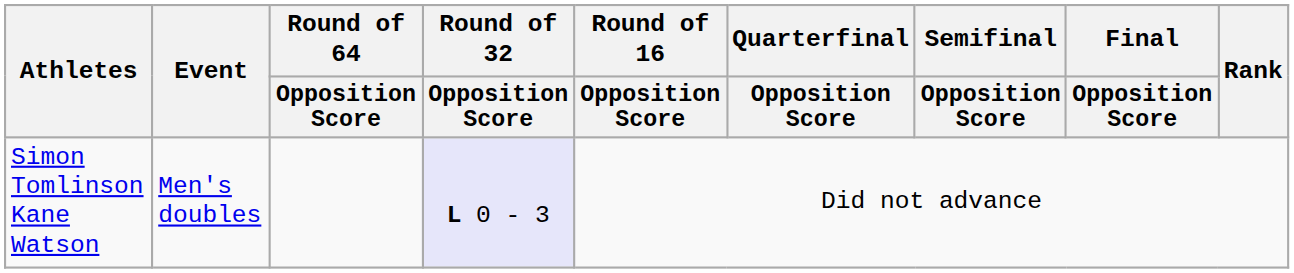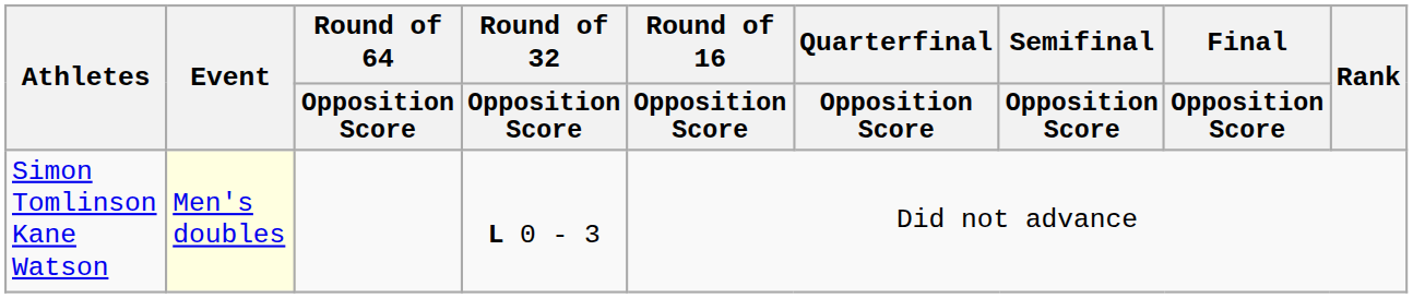 <table class="wikitable" style="font-size:90%">
 <tr>
 <th rowspan=2>Athletes</th>
 <th rowspan=2>Event</th>
 <th>Round of 64</th>
 <th>Round of 32</th>
 <th>Round of 16</th>
 <th>Quarterfinal</th>
 <th>Semifinal</th>
 <th>Final</th>
 <th rowspan=2>Rank</th>
 </tr>
 <tr style="font-size:95%">
 <th>Opposition<br>Score</th>
 <th>Opposition<br>Score</th>
 <th>Opposition<br>Score</th>
 <th>Opposition<br>Score</th>
 <th>Opposition<br>Score</th>
 <th>Opposition<br>Score</th>
 </tr>
 <tr align=center>
 <td align=left><a href='#'>Simon Tomlinson</a><br><a href='#'>Kane Watson</a></td>
-<td align=left><a href='#'>Men's doubles</a></td>
+<td align=left style="background: lightyellow;"><a href='#'>Men's doubles</a></td>
 <td></td>
-<td style="background: lavender;"><br><strong>L</strong> 0 - 3</td>
+<td><br><strong>L</strong> 0 - 3</td>
 <td colspan=5>Did not advance</td>
 </tr>
 </table>
